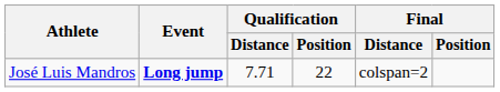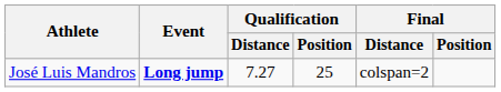 <table class=wikitable style=font-size:90%>
 <tr>
 <th rowspan=2>Athlete</th>
 <th rowspan=2>Event</th>
 <th colspan=2>Qualification</th>
 <th colspan=2>Final</th>
 </tr>
 <tr style=font-size:95%>
 <th>Distance</th>
 <th>Position</th>
 <th>Distance</th>
 <th>Position</th>
 </tr>
 <tr align=center>
 <td align=left><a href='#'>José Luis Mandros</a></td>
 <td align=left><strong><a href='#'>Long jump</a></strong></td>
-<td>7.71</td>
-<td>22</td>
+<td>7.27</td>
+<td>25</td>
 <td>colspan=2 </td>
 </tr>
 </table>
